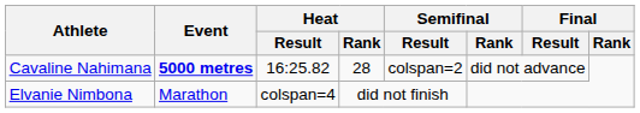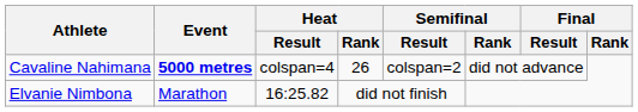 <table class="wikitable" style="font-size:90%">
 <tr>
 <th rowspan="2">Athlete</th>
 <th rowspan="2">Event</th>
 <th colspan="2">Heat</th>
 <th colspan="2">Semifinal</th>
 <th colspan="2">Final</th>
 </tr>
 <tr style="font-size:95%">
 <th>Result</th>
 <th>Rank</th>
 <th>Result</th>
 <th>Rank</th>
 <th>Result</th>
 <th>Rank</th>
 </tr>
 <tr style=text-align:center>
 <td style=text-align:left><a href='#'>Cavaline Nahimana</a></td>
 <td style=text-align:left><strong><a href='#'>5000 metres</a></strong></td>
-<td>16:25.82</td>
-<td>28</td>
+<td>colspan=4 </td>
+<td>26</td>
 <td>colspan=2 </td>
 <td colspan=2>did not advance</td>
 </tr>
 <tr style=text-align:center>
 <td style=text-align:left><a href='#'>Elvanie Nimbona</a></td>
 <td style=text-align:left><a href='#'>Marathon</a></td>
-<td>colspan=4 </td>
+<td>16:25.82</td>
 <td colspan=2>did not finish</td>
 </tr>
 </table>
